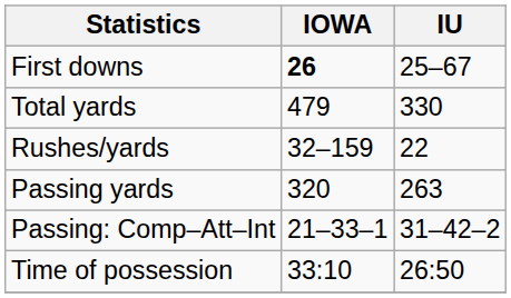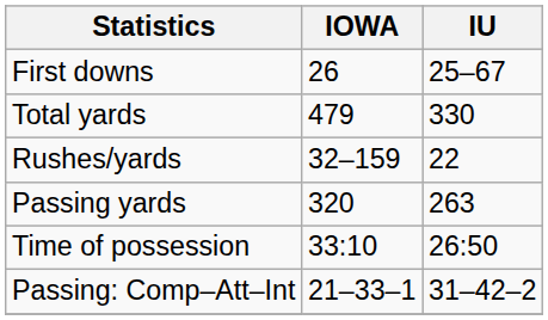 <table class="wikitable" style="float: left;">
 <tr>
 <th>Statistics</th>
 <th>IOWA</th>
 <th>IU</th>
 </tr>
 <tr>
 <td>First downs</td>
-<td><strong>26</strong></td>
+<td>26</td>
 <td>25–67</td>
 </tr>
 <tr>
 <td>Total yards</td>
 <td>479</td>
 <td>330</td>
 </tr>
 <tr>
 <td>Rushes/yards</td>
 <td>32–159</td>
 <td>22</td>
 </tr>
 <tr>
 <td>Passing yards</td>
 <td>320</td>
 <td>263</td>
 </tr>
 <tr>
+<td>Time of possession</td>
+<td>33:10</td>
+<td>26:50</td>
+</tr>
+<tr>
 <td>Passing: Comp–Att–Int</td>
 <td>21–33–1</td>
 <td>31–42–2</td>
 </tr>
 <tr>
-<td>Time of possession</td>
-<td>33:10</td>
-<td>26:50</td>
-</tr>
-<tr>
 </tr>
 </table>
